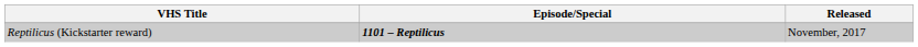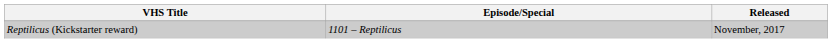 <table class="wikitable">
 <tr>
 <th width=25%>VHS Title</th>
 <th width=30%>Episode/Special</th>
 <th width=9%>Released</th>
 </tr>
 <tr>
 </tr>
 <tr style="text-align:left; background:#ccc;">
 <td><em>Reptilicus</em> (Kickstarter reward)</td>
-<td><strong><em>1101 – Reptilicus</em></strong></td>
+<td><em>1101 – Reptilicus</em></td>
 <td>November, 2017</td>
 </tr>
 </table>
